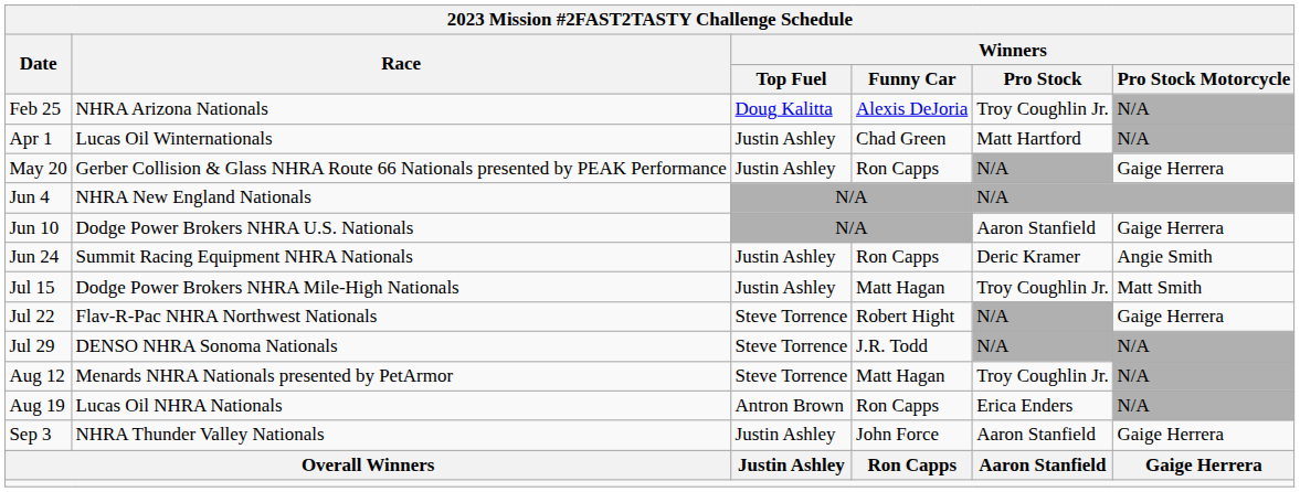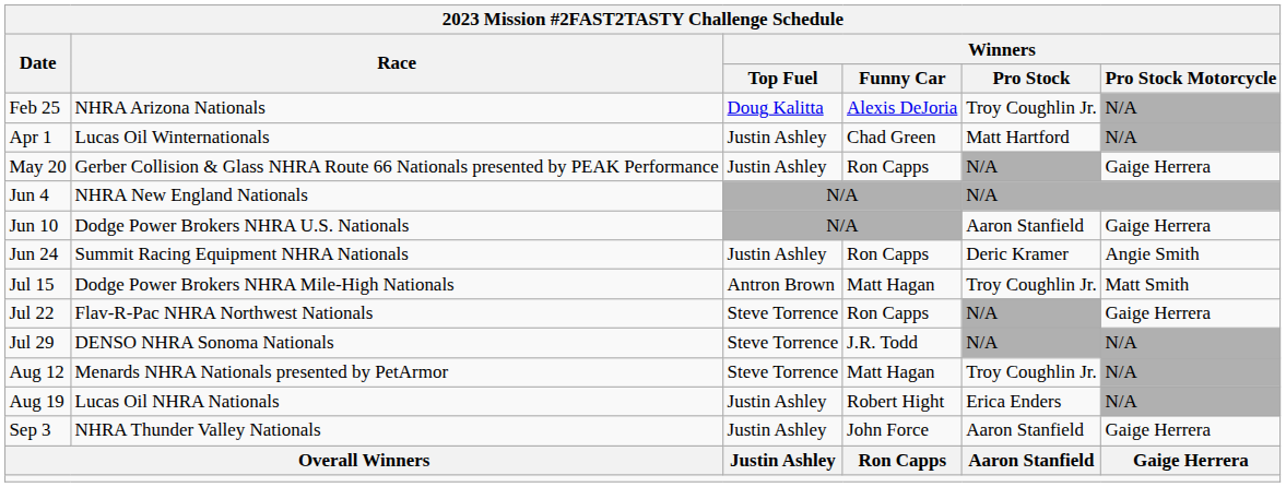 <table class="wikitable">
 <tr>
 <th colspan="6">2023 Mission #2FAST2TASTY Challenge Schedule</th>
 </tr>
 <tr>
 <th rowspan="2">Date</th>
 <th rowspan="2">Race</th>
 <th colspan="4">Winners</th>
 </tr>
 <tr>
 <th>Top Fuel</th>
 <th>Funny Car</th>
 <th>Pro Stock</th>
 <th>Pro Stock Motorcycle</th>
 </tr>
 <tr>
 <td>Feb 25</td>
 <td>NHRA Arizona Nationals</td>
 <td><a href='#'>Doug Kalitta</a></td>
 <td><a href='#'>Alexis DeJoria</a></td>
 <td>Troy Coughlin Jr.</td>
 <td style="background:#b0b0b0;">N/A</td>
 </tr>
 <tr>
 <td>Apr 1</td>
 <td>Lucas Oil Winternationals</td>
 <td>Justin Ashley</td>
 <td>Chad Green</td>
 <td>Matt Hartford</td>
 <td style="background:#b0b0b0;">N/A</td>
 </tr>
 <tr>
 <td>May 20</td>
 <td>Gerber Collision & Glass NHRA Route 66 Nationals presented by PEAK Performance</td>
 <td>Justin Ashley</td>
 <td>Ron Capps</td>
 <td style="background:#b0b0b0;">N/A</td>
 <td>Gaige Herrera</td>
 </tr>
 <tr>
 <td>Jun 4</td>
 <td>NHRA New England Nationals</td>
 <td colspan="2" align="center" style="background:#b0b0b0;">N/A</td>
 <td colspan=2 style="background:#b0b0b0;">N/A</td>
 </tr>
 <tr>
 <td>Jun 10</td>
 <td>Dodge Power Brokers NHRA U.S. Nationals</td>
 <td colspan="2" align="center" style="background:#b0b0b0;">N/A </td>
 <td>Aaron Stanfield</td>
 <td>Gaige Herrera</td>
 </tr>
 <tr>
 <td>Jun 24</td>
 <td>Summit Racing Equipment NHRA Nationals</td>
 <td>Justin Ashley</td>
 <td>Ron Capps</td>
 <td>Deric Kramer</td>
 <td>Angie Smith</td>
 </tr>
 <tr>
 <td>Jul 15</td>
 <td>Dodge Power Brokers NHRA Mile-High Nationals</td>
-<td>Justin Ashley</td>
+<td>Antron Brown</td>
 <td>Matt Hagan</td>
 <td>Troy Coughlin Jr.</td>
 <td>Matt Smith</td>
 </tr>
 <tr>
 <td>Jul 22</td>
 <td>Flav-R-Pac NHRA Northwest Nationals</td>
 <td>Steve Torrence</td>
-<td>Robert Hight</td>
+<td>Ron Capps</td>
 <td style="background:#b0b0b0;">N/A</td>
 <td>Gaige Herrera</td>
 </tr>
 <tr>
 <td>Jul 29</td>
 <td>DENSO NHRA Sonoma Nationals</td>
 <td>Steve Torrence</td>
 <td>J.R. Todd</td>
 <td style="background:#b0b0b0;">N/A</td>
 <td style="background:#b0b0b0;">N/A</td>
 </tr>
 <tr>
 <td>Aug 12</td>
 <td>Menards NHRA Nationals presented by PetArmor</td>
 <td>Steve Torrence</td>
 <td>Matt Hagan</td>
 <td>Troy Coughlin Jr.</td>
 <td style="background:#b0b0b0;">N/A</td>
 </tr>
 <tr>
 <td>Aug 19</td>
 <td>Lucas Oil NHRA Nationals</td>
-<td>Antron Brown</td>
-<td>Ron Capps</td>
+<td>Justin Ashley</td>
+<td>Robert Hight</td>
 <td>Erica Enders</td>
 <td style="background:#b0b0b0;">N/A</td>
 </tr>
 <tr>
 <td>Sep 3</td>
 <td>NHRA Thunder Valley Nationals</td>
 <td>Justin Ashley</td>
 <td>John Force</td>
 <td>Aaron Stanfield</td>
 <td>Gaige Herrera</td>
 </tr>
 <tr>
 <th align="center" colspan="2">Overall Winners</th>
 <th>Justin Ashley</th>
 <th>Ron Capps</th>
 <th>Aaron Stanfield</th>
 <th>Gaige Herrera</th>
 </tr>
 <tr>
 <td align="center" colspan="6" style="font-size: 10pt"></td>
 </tr>
 </table>
